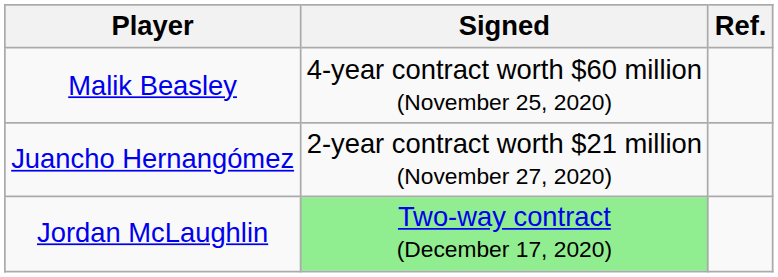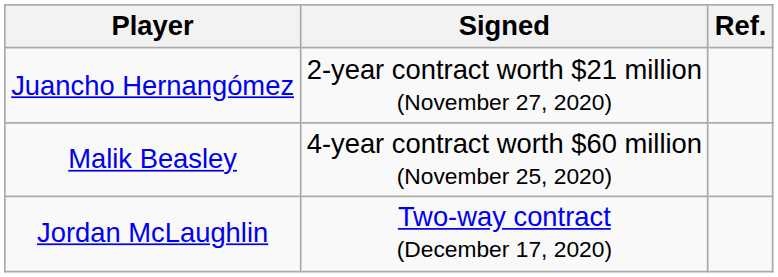 <table class="wikitable sortable sortable" style="text-align: center">
 <tr>
 <th>Player</th>
 <th>Signed</th>
 <th>Ref.</th>
 </tr>
 <tr>
+<td><a href='#'>Juancho Hernangómez</a></td>
+<td>2-year contract worth $21 million<br><small>(November 27, 2020)</small></td>
+<td></td>
+</tr>
+<tr>
 <td><a href='#'>Malik Beasley</a></td>
 <td>4-year contract worth $60 million<br><small>(November 25, 2020)</small></td>
 <td></td>
 </tr>
 <tr>
-<td><a href='#'>Juancho Hernangómez</a></td>
-<td>2-year contract worth $21 million<br><small>(November 27, 2020)</small></td>
-<td></td>
-</tr>
-<tr>
 <td><a href='#'>Jordan McLaughlin</a></td>
-<td style="background: lightgreen;"><a href='#'>Two-way contract</a><br><small>(December 17, 2020)</small></td>
+<td><a href='#'>Two-way contract</a><br><small>(December 17, 2020)</small></td>
 <td></td>
 </tr>
 </table>
